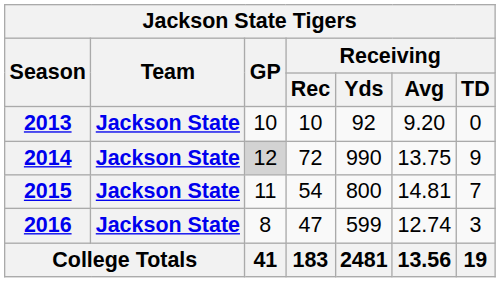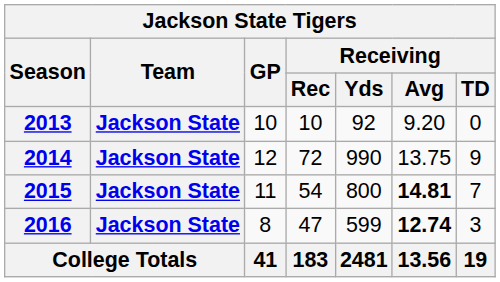 <table class="wikitable" style="text-align:center;">
 <tr>
 <th colspan="10">Jackson State Tigers</th>
 </tr>
 <tr>
 <th rowspan="2">Season</th>
 <th rowspan="2">Team</th>
 <th rowspan="2">GP</th>
 <th colspan="4">Receiving</th>
 </tr>
 <tr>
 <th>Rec</th>
 <th>Yds</th>
 <th>Avg</th>
 <th>TD</th>
 </tr>
 <tr>
 <th><a href='#'>2013</a></th>
 <th><a href='#'>Jackson State</a></th>
 <td>10</td>
 <td>10</td>
 <td>92</td>
 <td>9.20</td>
 <td>0</td>
 </tr>
 <tr>
 <th><a href='#'>2014</a></th>
 <th><a href='#'>Jackson State</a></th>
-<td style="background: lightgrey;">12</td>
+<td>12</td>
 <td>72</td>
 <td>990</td>
 <td>13.75</td>
 <td>9</td>
 </tr>
 <tr>
 <th><a href='#'>2015</a></th>
 <th><a href='#'>Jackson State</a></th>
 <td>11</td>
 <td>54</td>
 <td>800</td>
-<td>14.81</td>
+<td><strong>14.81</strong></td>
 <td>7</td>
 </tr>
 <tr>
 <th><a href='#'>2016</a></th>
 <th><a href='#'>Jackson State</a></th>
 <td>8</td>
 <td>47</td>
 <td>599</td>
-<td>12.74</td>
+<td><strong>12.74</strong></td>
 <td>3</td>
 </tr>
 <tr>
 <th colspan="2">College Totals</th>
 <th>41</th>
 <th>183</th>
 <th>2481</th>
 <th>13.56</th>
 <th>19</th>
 </tr>
 </table>
